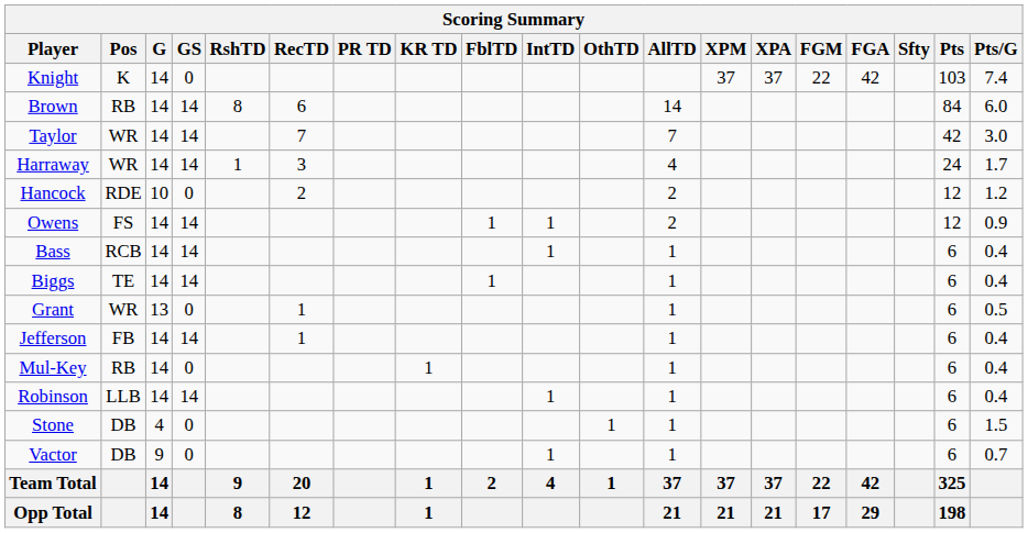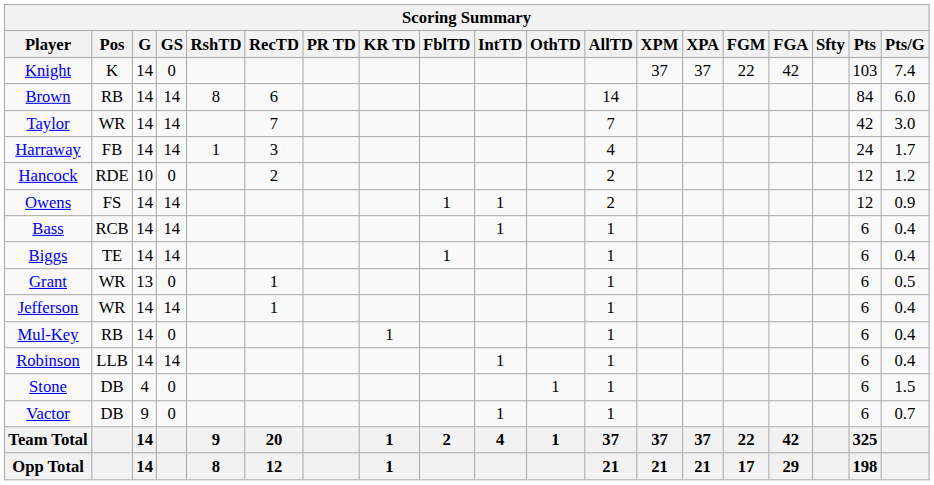 <table class="wikitable" style="text-align:center">
 <tr>
 <th colspan="19">Scoring Summary</th>
 </tr>
 <tr>
 <th>Player</th>
 <th>Pos</th>
 <th>G</th>
 <th>GS</th>
 <th>RshTD</th>
 <th>RecTD</th>
 <th>PR TD</th>
 <th>KR TD</th>
 <th>FblTD</th>
 <th>IntTD</th>
 <th>OthTD</th>
 <th>AllTD</th>
 <th>XPM</th>
 <th>XPA</th>
 <th>FGM</th>
 <th>FGA</th>
 <th>Sfty</th>
 <th>Pts</th>
 <th>Pts/G</th>
 </tr>
 <tr>
 <td><a href='#'>Knight</a></td>
 <td>K</td>
 <td>14</td>
 <td>0</td>
 <td></td>
 <td></td>
 <td></td>
 <td></td>
 <td></td>
 <td></td>
 <td></td>
 <td></td>
 <td>37</td>
 <td>37</td>
 <td>22</td>
 <td>42</td>
 <td></td>
 <td>103</td>
 <td>7.4</td>
 </tr>
 <tr>
 <td><a href='#'>Brown</a></td>
 <td>RB</td>
 <td>14</td>
 <td>14</td>
 <td>8</td>
 <td>6</td>
 <td></td>
 <td></td>
 <td></td>
 <td></td>
 <td></td>
 <td>14</td>
 <td></td>
 <td></td>
 <td></td>
 <td></td>
 <td></td>
 <td>84</td>
 <td>6.0</td>
 </tr>
 <tr>
 <td><a href='#'>Taylor</a></td>
 <td>WR</td>
 <td>14</td>
 <td>14</td>
 <td></td>
 <td>7</td>
 <td></td>
 <td></td>
 <td></td>
 <td></td>
 <td></td>
 <td>7</td>
 <td></td>
 <td></td>
 <td></td>
 <td></td>
 <td></td>
 <td>42</td>
 <td>3.0</td>
 </tr>
 <tr>
 <td><a href='#'>Harraway</a></td>
-<td>WR</td>
+<td>FB</td>
 <td>14</td>
 <td>14</td>
 <td>1</td>
 <td>3</td>
 <td></td>
 <td></td>
 <td></td>
 <td></td>
 <td></td>
 <td>4</td>
 <td></td>
 <td></td>
 <td></td>
 <td></td>
 <td></td>
 <td>24</td>
 <td>1.7</td>
 </tr>
 <tr>
 <td><a href='#'>Hancock</a></td>
 <td>RDE</td>
 <td>10</td>
 <td>0</td>
 <td></td>
 <td>2</td>
 <td></td>
 <td></td>
 <td></td>
 <td></td>
 <td></td>
 <td>2</td>
 <td></td>
 <td></td>
 <td></td>
 <td></td>
 <td></td>
 <td>12</td>
 <td>1.2</td>
 </tr>
 <tr>
 <td><a href='#'>Owens</a></td>
 <td>FS</td>
 <td>14</td>
 <td>14</td>
 <td></td>
 <td></td>
 <td></td>
 <td></td>
 <td>1</td>
 <td>1</td>
 <td></td>
 <td>2</td>
 <td></td>
 <td></td>
 <td></td>
 <td></td>
 <td></td>
 <td>12</td>
 <td>0.9</td>
 </tr>
 <tr>
 <td><a href='#'>Bass</a></td>
 <td>RCB</td>
 <td>14</td>
 <td>14</td>
 <td></td>
 <td></td>
 <td></td>
 <td></td>
 <td></td>
 <td>1</td>
 <td></td>
 <td>1</td>
 <td></td>
 <td></td>
 <td></td>
 <td></td>
 <td></td>
 <td>6</td>
 <td>0.4</td>
 </tr>
 <tr>
 <td><a href='#'>Biggs</a></td>
 <td>TE</td>
 <td>14</td>
 <td>14</td>
 <td></td>
 <td></td>
 <td></td>
 <td></td>
 <td>1</td>
 <td></td>
 <td></td>
 <td>1</td>
 <td></td>
 <td></td>
 <td></td>
 <td></td>
 <td></td>
 <td>6</td>
 <td>0.4</td>
 </tr>
 <tr>
 <td><a href='#'>Grant</a></td>
 <td>WR</td>
 <td>13</td>
 <td>0</td>
 <td></td>
 <td>1</td>
 <td></td>
 <td></td>
 <td></td>
 <td></td>
 <td></td>
 <td>1</td>
 <td></td>
 <td></td>
 <td></td>
 <td></td>
 <td></td>
 <td>6</td>
 <td>0.5</td>
 </tr>
 <tr>
 <td><a href='#'>Jefferson</a></td>
-<td>FB</td>
+<td>WR</td>
 <td>14</td>
 <td>14</td>
 <td></td>
 <td>1</td>
 <td></td>
 <td></td>
 <td></td>
 <td></td>
 <td></td>
 <td>1</td>
 <td></td>
 <td></td>
 <td></td>
 <td></td>
 <td></td>
 <td>6</td>
 <td>0.4</td>
 </tr>
 <tr>
 <td><a href='#'>Mul-Key</a></td>
 <td>RB</td>
 <td>14</td>
 <td>0</td>
 <td></td>
 <td></td>
 <td></td>
 <td>1</td>
 <td></td>
 <td></td>
 <td></td>
 <td>1</td>
 <td></td>
 <td></td>
 <td></td>
 <td></td>
 <td></td>
 <td>6</td>
 <td>0.4</td>
 </tr>
 <tr>
 <td><a href='#'>Robinson</a></td>
 <td>LLB</td>
 <td>14</td>
 <td>14</td>
 <td></td>
 <td></td>
 <td></td>
 <td></td>
 <td></td>
 <td>1</td>
 <td></td>
 <td>1</td>
 <td></td>
 <td></td>
 <td></td>
 <td></td>
 <td></td>
 <td>6</td>
 <td>0.4</td>
 </tr>
 <tr>
 <td><a href='#'>Stone</a></td>
 <td>DB</td>
 <td>4</td>
 <td>0</td>
 <td></td>
 <td></td>
 <td></td>
 <td></td>
 <td></td>
 <td></td>
 <td>1</td>
 <td>1</td>
 <td></td>
 <td></td>
 <td></td>
 <td></td>
 <td></td>
 <td>6</td>
 <td>1.5</td>
 </tr>
 <tr>
 <td><a href='#'>Vactor</a></td>
 <td>DB</td>
 <td>9</td>
 <td>0</td>
 <td></td>
 <td></td>
 <td></td>
 <td></td>
 <td></td>
 <td>1</td>
 <td></td>
 <td>1</td>
 <td></td>
 <td></td>
 <td></td>
 <td></td>
 <td></td>
 <td>6</td>
 <td>0.7</td>
 </tr>
 <tr>
 <th>Team Total</th>
 <th></th>
 <th>14</th>
 <th></th>
 <th>9</th>
 <th>20</th>
 <th></th>
 <th>1</th>
 <th>2</th>
 <th>4</th>
 <th>1</th>
 <th>37</th>
 <th>37</th>
 <th>37</th>
 <th>22</th>
 <th>42</th>
 <th></th>
 <th>325</th>
 <th></th>
 </tr>
 <tr>
 <th>Opp Total</th>
 <th></th>
 <th>14</th>
 <th></th>
 <th>8</th>
 <th>12</th>
 <th></th>
 <th>1</th>
 <th></th>
 <th></th>
 <th></th>
 <th>21</th>
 <th>21</th>
 <th>21</th>
 <th>17</th>
 <th>29</th>
 <th></th>
 <th>198</th>
 <th></th>
 </tr>
 </table>
